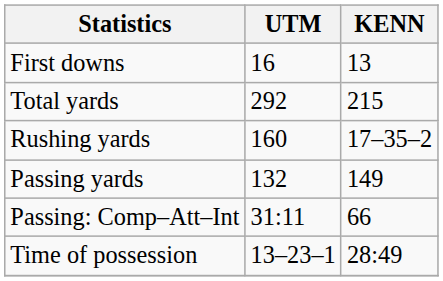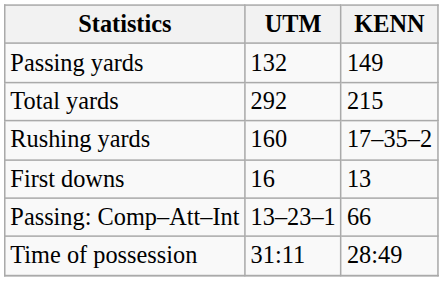 <table class="wikitable" style="float: left;">
 <tr>
 <th>Statistics</th>
 <th>UTM</th>
 <th>KENN</th>
 </tr>
 <tr>
-<td>First downs</td>
-<td>16</td>
-<td>13</td>
+<td>Passing yards</td>
+<td>132</td>
+<td>149</td>
 </tr>
 <tr>
 <td>Total yards</td>
 <td>292</td>
 <td>215</td>
 </tr>
 <tr>
 <td>Rushing yards</td>
 <td>160</td>
 <td>17–35–2</td>
 </tr>
 <tr>
-<td>Passing yards</td>
-<td>132</td>
-<td>149</td>
+<td>First downs</td>
+<td>16</td>
+<td>13</td>
 </tr>
 <tr>
 <td>Passing: Comp–Att–Int</td>
-<td>31:11</td>
+<td>13–23–1</td>
 <td>66</td>
 </tr>
 <tr>
 <td>Time of possession</td>
-<td>13–23–1</td>
+<td>31:11</td>
 <td>28:49</td>
 </tr>
 <tr>
 </tr>
 </table>
